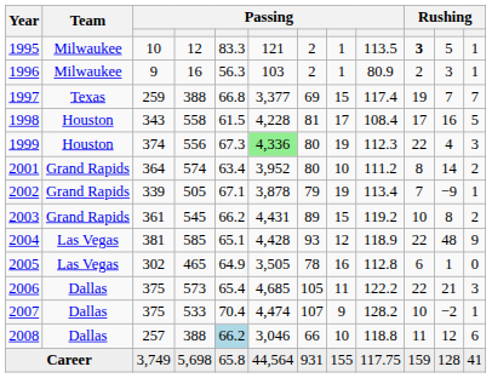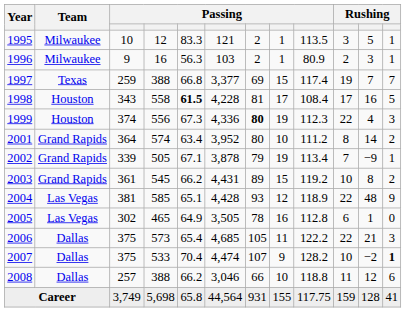 <table class="wikitable sortable" style="text-align:center">
 <tr>
 <th rowspan=2>Year</th>
 <th rowspan=2>Team</th>
 <th colspan=7>Passing</th>
 <th colspan=3>Rushing</th>
 </tr>
 <tr>
 <th></th>
 <th></th>
 <th></th>
 <th></th>
 <th></th>
 <th></th>
 <th></th>
 <th></th>
 <th></th>
 <th></th>
 </tr>
 <tr align="center">
 <td><a href='#'>1995</a></td>
 <td><a href='#'>Milwaukee</a></td>
 <td>10</td>
 <td>12</td>
 <td>83.3</td>
 <td>121</td>
 <td>2</td>
 <td>1</td>
 <td>113.5</td>
-<td><strong>3</strong></td>
+<td>3</td>
 <td>5</td>
 <td>1</td>
 </tr>
 <tr align="center">
 <td><a href='#'>1996</a></td>
 <td><a href='#'>Milwaukee</a></td>
 <td>9</td>
 <td>16</td>
 <td>56.3</td>
 <td>103</td>
 <td>2</td>
 <td>1</td>
 <td>80.9</td>
 <td>2</td>
 <td>3</td>
 <td>1</td>
 </tr>
 <tr align="center">
 <td><a href='#'>1997</a></td>
 <td><a href='#'>Texas</a></td>
 <td>259</td>
 <td>388</td>
 <td>66.8</td>
 <td>3,377</td>
 <td>69</td>
 <td>15</td>
 <td>117.4</td>
 <td>19</td>
 <td>7</td>
 <td>7</td>
 </tr>
 <tr align="center">
 <td><a href='#'>1998</a></td>
 <td><a href='#'>Houston</a></td>
 <td>343</td>
 <td>558</td>
-<td>61.5</td>
+<td><strong>61.5</strong></td>
 <td>4,228</td>
 <td>81</td>
 <td>17</td>
 <td>108.4</td>
 <td>17</td>
 <td>16</td>
 <td>5</td>
 </tr>
 <tr align="center">
 <td><a href='#'>1999</a></td>
 <td><a href='#'>Houston</a></td>
 <td>374</td>
 <td>556</td>
 <td>67.3</td>
-<td style="background: lightgreen;">4,336</td>
-<td>80</td>
+<td>4,336</td>
+<td><strong>80</strong></td>
 <td>19</td>
 <td>112.3</td>
 <td>22</td>
 <td>4</td>
 <td>3</td>
 </tr>
 <tr align="center">
 <td><a href='#'>2001</a></td>
 <td><a href='#'>Grand Rapids</a></td>
 <td>364</td>
 <td>574</td>
 <td>63.4</td>
 <td>3,952</td>
 <td>80</td>
 <td>10</td>
 <td>111.2</td>
 <td>8</td>
 <td>14</td>
 <td>2</td>
 </tr>
 <tr align="center">
 <td><a href='#'>2002</a></td>
 <td><a href='#'>Grand Rapids</a></td>
 <td>339</td>
 <td>505</td>
 <td>67.1</td>
 <td>3,878</td>
 <td>79</td>
 <td>19</td>
 <td>113.4</td>
 <td>7</td>
 <td>−9</td>
 <td>1</td>
 </tr>
 <tr align="center">
 <td><a href='#'>2003</a></td>
 <td><a href='#'>Grand Rapids</a></td>
 <td>361</td>
 <td>545</td>
 <td>66.2</td>
 <td>4,431</td>
 <td>89</td>
 <td>15</td>
 <td>119.2</td>
 <td>10</td>
 <td>8</td>
 <td>2</td>
 </tr>
 <tr align="center">
 <td><a href='#'>2004</a></td>
 <td><a href='#'>Las Vegas</a></td>
 <td>381</td>
 <td>585</td>
 <td>65.1</td>
 <td>4,428</td>
 <td>93</td>
 <td>12</td>
 <td>118.9</td>
 <td>22</td>
 <td>48</td>
 <td>9</td>
 </tr>
 <tr align="center">
 <td><a href='#'>2005</a></td>
 <td><a href='#'>Las Vegas</a></td>
 <td>302</td>
 <td>465</td>
 <td>64.9</td>
 <td>3,505</td>
 <td>78</td>
 <td>16</td>
 <td>112.8</td>
 <td>6</td>
 <td>1</td>
 <td>0</td>
 </tr>
 <tr align="center">
 <td><a href='#'>2006</a></td>
 <td><a href='#'>Dallas</a></td>
 <td>375</td>
 <td>573</td>
 <td>65.4</td>
 <td>4,685</td>
 <td>105</td>
 <td>11</td>
 <td>122.2</td>
 <td>22</td>
 <td>21</td>
 <td>3</td>
 </tr>
 <tr align="center">
 <td><a href='#'>2007</a></td>
 <td><a href='#'>Dallas</a></td>
 <td>375</td>
 <td>533</td>
 <td>70.4</td>
 <td>4,474</td>
 <td>107</td>
 <td>9</td>
 <td>128.2</td>
 <td>10</td>
 <td>−2</td>
-<td>1</td>
+<td><strong>1</strong></td>
 </tr>
 <tr align="center">
 <td><a href='#'>2008</a></td>
 <td><a href='#'>Dallas</a></td>
 <td>257</td>
 <td>388</td>
-<td style="background: lightblue;">66.2</td>
+<td>66.2</td>
 <td>3,046</td>
 <td>66</td>
 <td>10</td>
 <td>118.8</td>
 <td>11</td>
 <td>12</td>
 <td>6</td>
 </tr>
 <tr class="sortbottom" style="background:#eee;">
 <td colspan=2><strong>Career</strong></td>
 <td>3,749</td>
 <td>5,698</td>
 <td>65.8</td>
 <td>44,564</td>
 <td>931</td>
 <td>155</td>
 <td>117.75</td>
 <td>159</td>
 <td>128</td>
 <td>41</td>
 </tr>
 </table>
